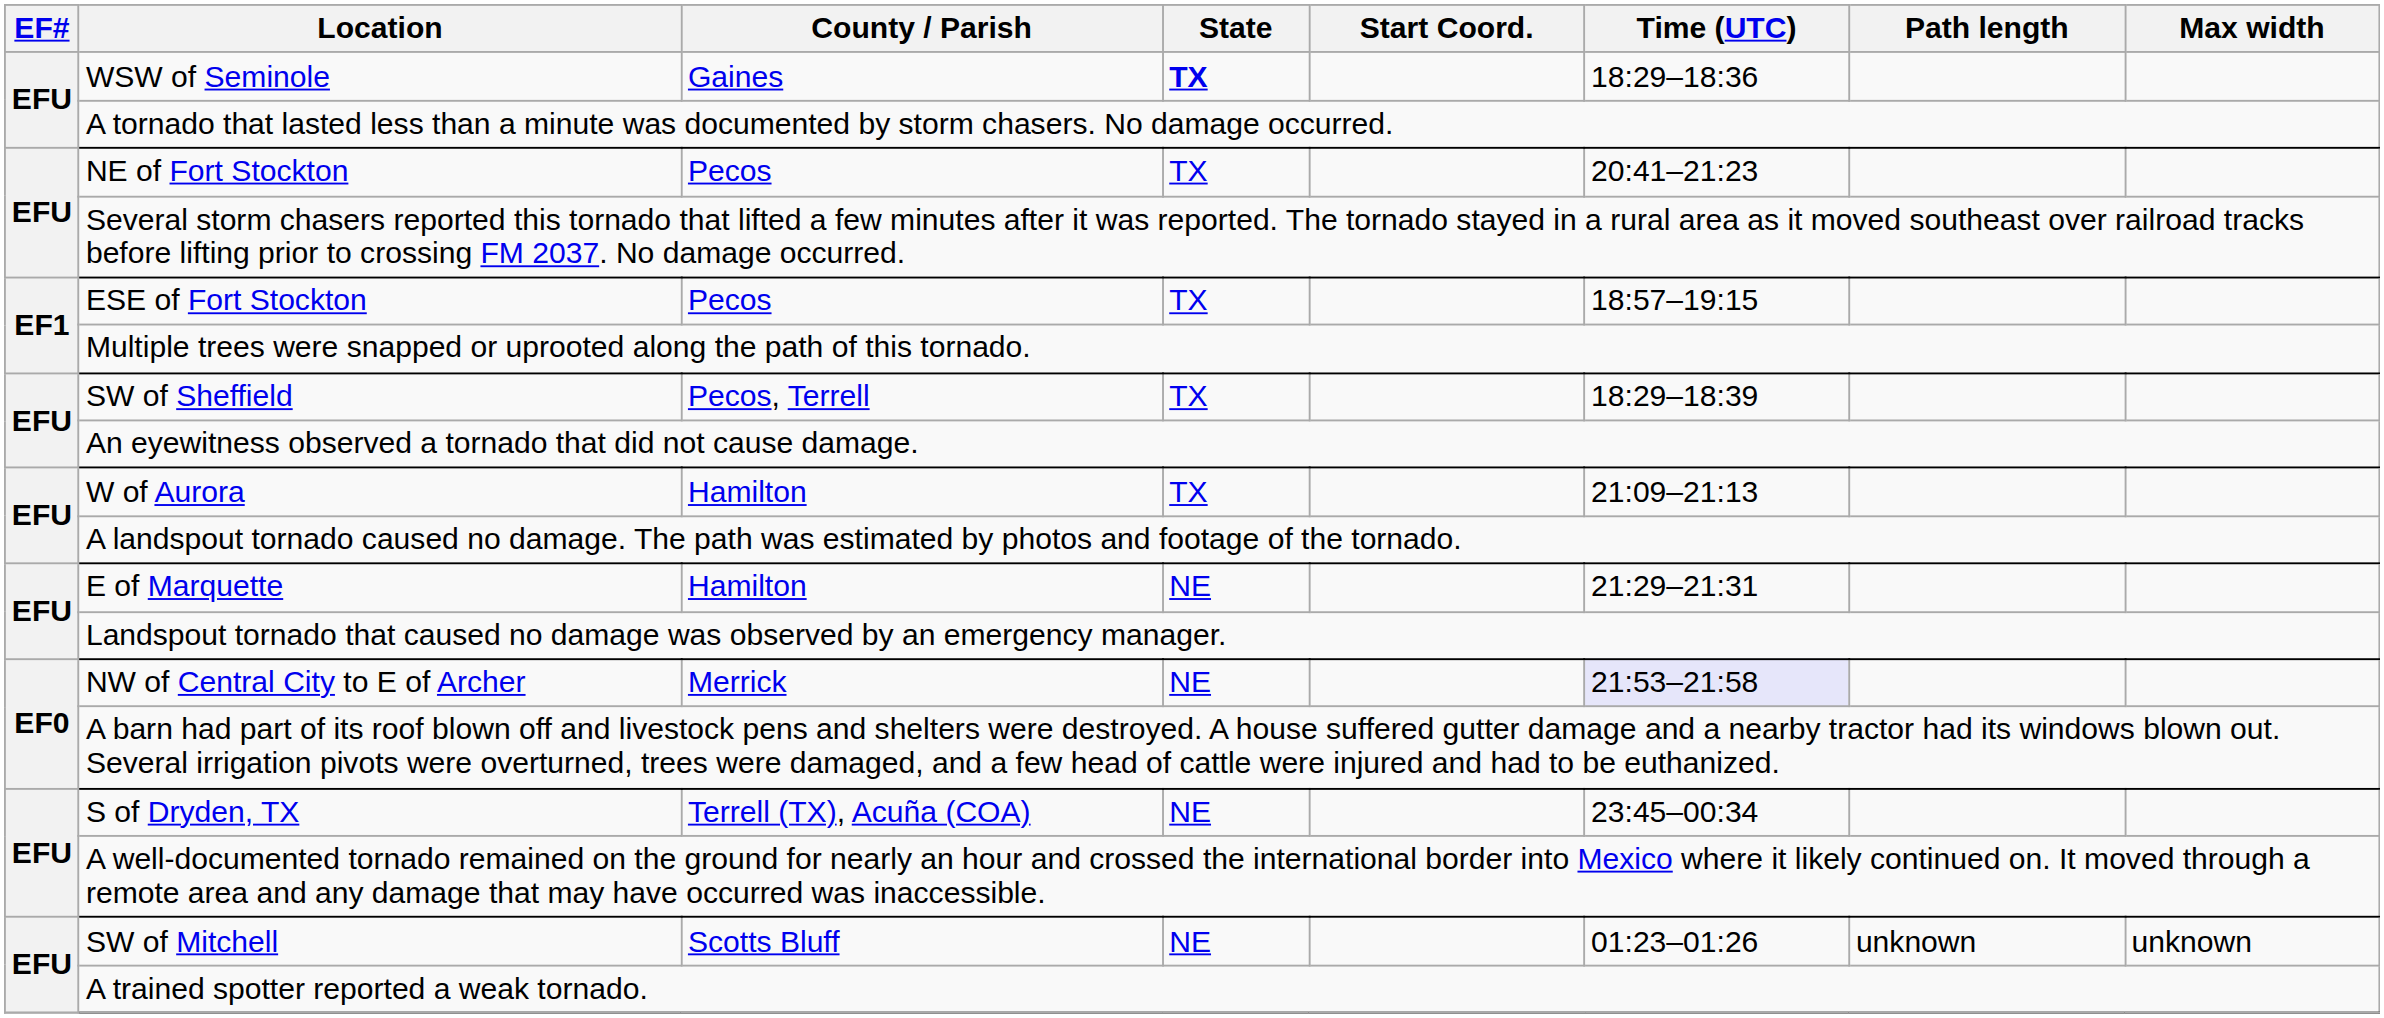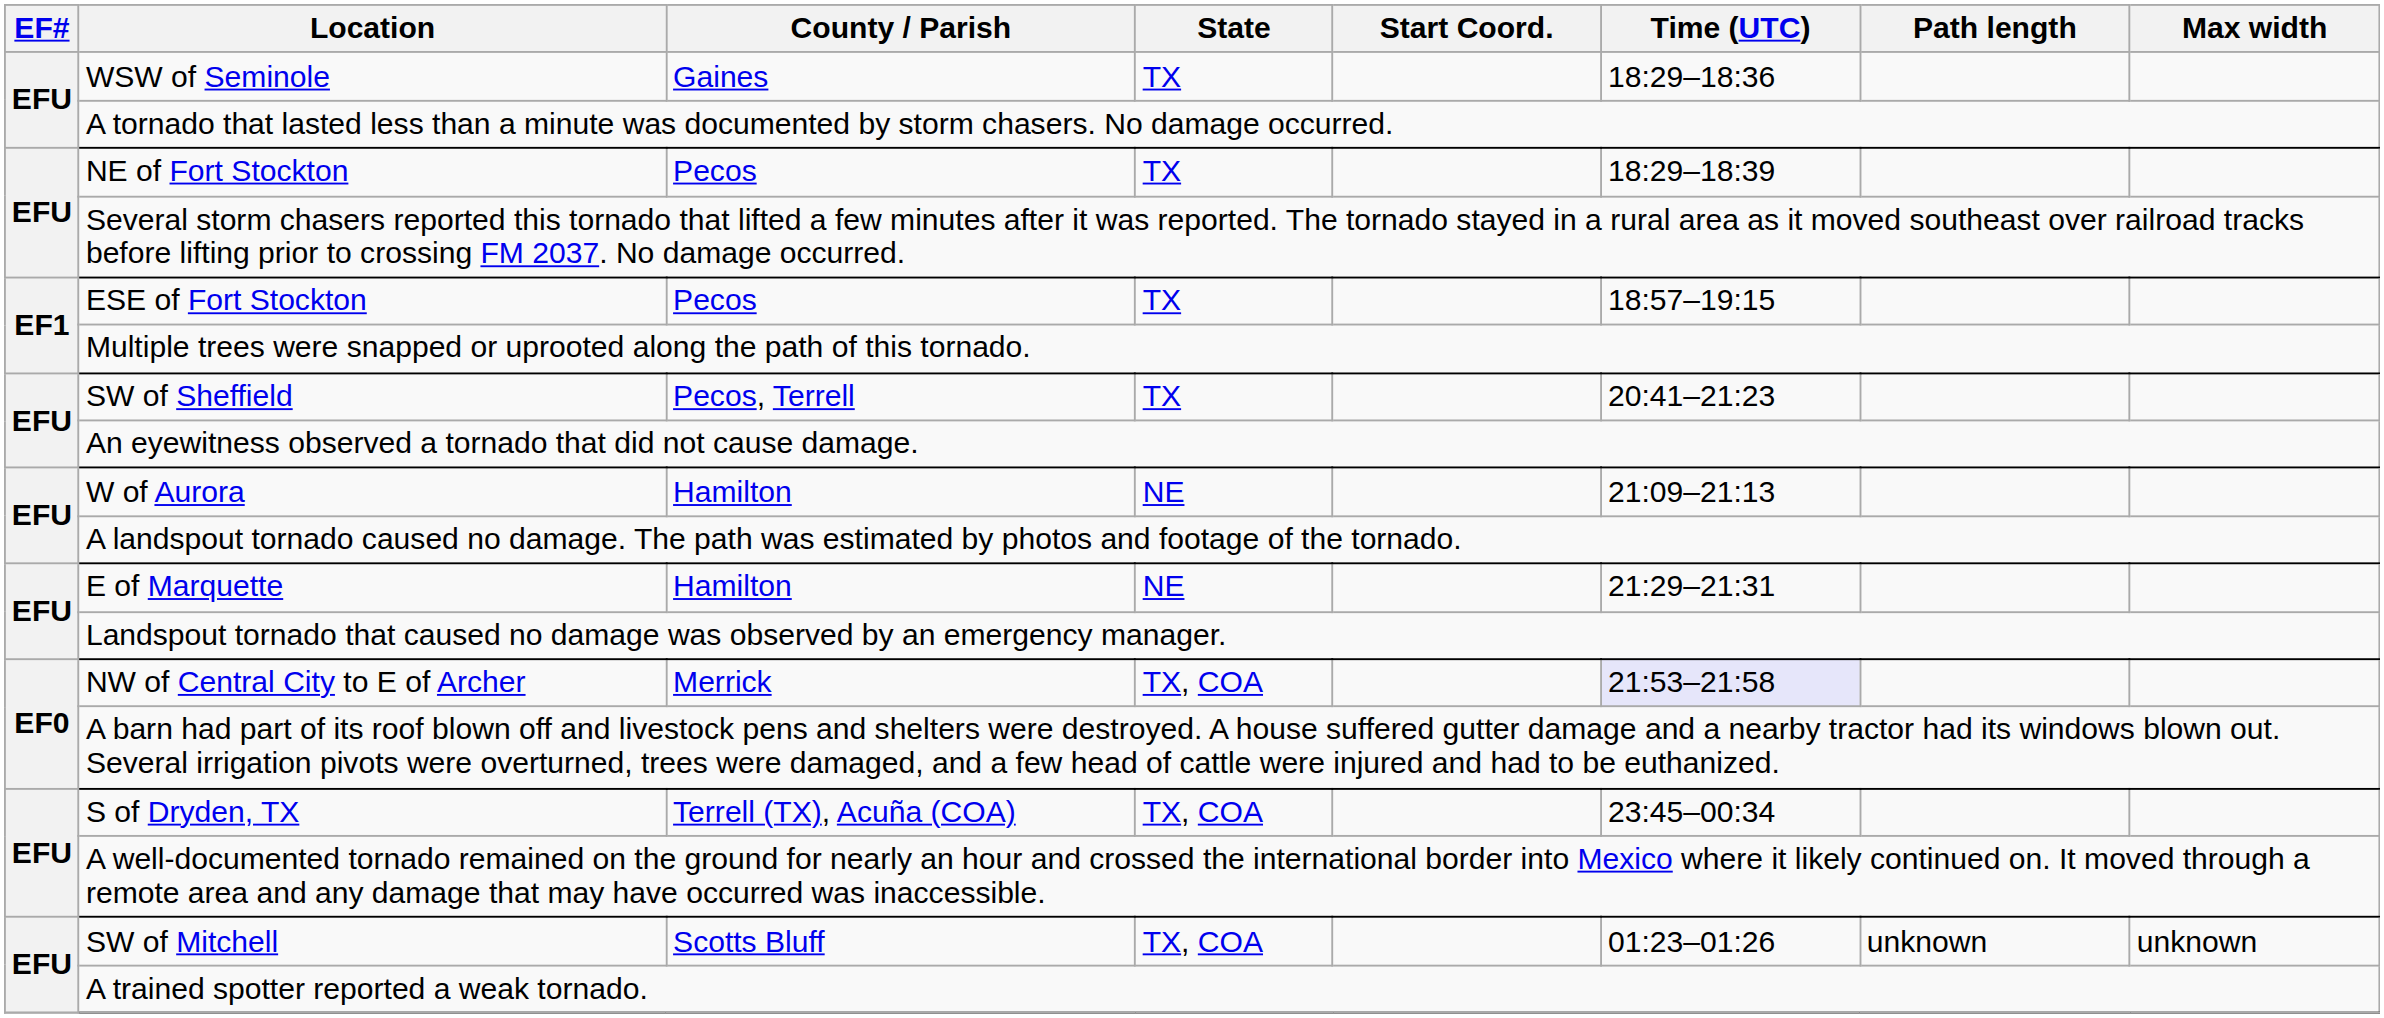 <table class="wikitable sortable" style="width:100%;">
 <tr>
 <th scope="col" width="2%" align="center"><a href='#'>EF#</a></th>
 <th scope="col" align="center" class="unsortable">Location</th>
 <th scope="col" align="center" class="unsortable">County / Parish</th>
 <th scope="col" align="center">State</th>
 <th scope="col" align="center">Start Coord.</th>
 <th scope="col" align="center">Time (<a href='#'>UTC</a>)</th>
 <th scope="col" align="center">Path length</th>
 <th scope="col" align="center">Max width</th>
 </tr>
 <tr>
 <th scope="row" rowspan="2" style="background-color:#">EFU</th>
 <td>WSW of <a href='#'>Seminole</a></td>
 <td><a href='#'>Gaines</a></td>
-<td><strong><a href='#'>TX</a></strong></td>
+<td><a href='#'>TX</a></td>
 <td></td>
 <td>18:29–18:36</td>
 <td></td>
 <td></td>
 </tr>
 <tr class="expand-child">
 <td colspan="8" style=" border-bottom: 1px solid black;">A tornado that lasted less than a minute was documented by storm chasers. No damage occurred.</td>
 </tr>
 <tr>
 <th scope="row" rowspan="2" style="background-color:#">EFU</th>
 <td>NE of <a href='#'>Fort Stockton</a></td>
 <td><a href='#'>Pecos</a></td>
 <td><a href='#'>TX</a></td>
 <td></td>
-<td>20:41–21:23</td>
+<td>18:29–18:39</td>
 <td></td>
 <td></td>
 </tr>
 <tr class="expand-child">
 <td colspan="8" style=" border-bottom: 1px solid black;">Several storm chasers reported this tornado that lifted a few minutes after it was reported. The tornado stayed in a rural area as it moved southeast over railroad tracks before lifting prior to crossing <a href='#'>FM 2037</a>. No damage occurred.</td>
 </tr>
 <tr>
 <th scope="row" rowspan="2" style="background-color:#">EF1</th>
 <td>ESE of <a href='#'>Fort Stockton</a></td>
 <td><a href='#'>Pecos</a></td>
 <td><a href='#'>TX</a></td>
 <td></td>
 <td>18:57–19:15</td>
 <td></td>
 <td></td>
 </tr>
 <tr class="expand-child">
 <td colspan="8" style=" border-bottom: 1px solid black;">Multiple trees were snapped or uprooted along the path of this tornado.</td>
 </tr>
 <tr>
 <th scope="row" rowspan="2" style="background-color:#">EFU</th>
 <td>SW of <a href='#'>Sheffield</a></td>
 <td><a href='#'>Pecos</a>, <a href='#'>Terrell</a></td>
 <td><a href='#'>TX</a></td>
 <td></td>
-<td>18:29–18:39</td>
+<td>20:41–21:23</td>
 <td></td>
 <td></td>
 </tr>
 <tr class="expand-child">
 <td colspan="8" style=" border-bottom: 1px solid black;">An eyewitness observed a tornado that did not cause damage.</td>
 </tr>
 <tr>
 <th scope="row" rowspan="2" style="background-color:#">EFU</th>
 <td>W of <a href='#'>Aurora</a></td>
 <td><a href='#'>Hamilton</a></td>
-<td><a href='#'>TX</a></td>
+<td><a href='#'>NE</a></td>
 <td></td>
 <td>21:09–21:13</td>
 <td></td>
 <td></td>
 </tr>
 <tr class="expand-child">
 <td colspan="8" style=" border-bottom: 1px solid black;">A landspout tornado caused no damage. The path was estimated by photos and footage of the tornado.</td>
 </tr>
 <tr>
 <th scope="row" rowspan="2" style="background-color:#">EFU</th>
 <td>E of <a href='#'>Marquette</a></td>
 <td><a href='#'>Hamilton</a></td>
 <td><a href='#'>NE</a></td>
 <td></td>
 <td>21:29–21:31</td>
 <td></td>
 <td></td>
 </tr>
 <tr class="expand-child">
 <td colspan="8" style=" border-bottom: 1px solid black;">Landspout tornado that caused no damage was observed by an emergency manager.</td>
 </tr>
 <tr>
 <th scope="row" rowspan="2" style="background-color:#">EF0</th>
 <td>NW of <a href='#'>Central City</a> to E of <a href='#'>Archer</a></td>
 <td><a href='#'>Merrick</a></td>
-<td><a href='#'>NE</a></td>
+<td><a href='#'>TX</a>, <a href='#'>COA</a></td>
 <td></td>
 <td style="background: lavender;">21:53–21:58</td>
 <td></td>
 <td></td>
 </tr>
 <tr class="expand-child">
 <td colspan="8" style=" border-bottom: 1px solid black;">A barn had part of its roof blown off and livestock pens and shelters were destroyed. A house suffered gutter damage and a nearby tractor had its windows blown out. Several irrigation pivots were overturned, trees were damaged, and a few head of cattle were injured and had to be euthanized.</td>
 </tr>
 <tr>
 <th scope="row" rowspan="2" style="background-color:#">EFU</th>
 <td>S of <a href='#'>Dryden, TX</a></td>
 <td><a href='#'>Terrell (TX)</a>, <a href='#'>Acuña (COA)</a></td>
-<td><a href='#'>NE</a></td>
+<td><a href='#'>TX</a>, <a href='#'>COA</a></td>
 <td></td>
 <td>23:45–00:34</td>
 <td></td>
 <td></td>
 </tr>
 <tr class="expand-child">
 <td colspan="8" style=" border-bottom: 1px solid black;">A well-documented tornado remained on the ground for nearly an hour and crossed the international border into <a href='#'>Mexico</a> where it likely continued on. It moved through a remote area and any damage that may have occurred was inaccessible.</td>
 </tr>
 <tr>
 <th scope="row" rowspan="2" style="background-color:#">EFU</th>
 <td>SW of <a href='#'>Mitchell</a></td>
 <td><a href='#'>Scotts Bluff</a></td>
-<td><a href='#'>NE</a></td>
+<td><a href='#'>TX</a>, <a href='#'>COA</a></td>
 <td></td>
 <td>01:23–01:26</td>
 <td>unknown</td>
 <td>unknown</td>
 </tr>
 <tr class="expand-child">
 <td colspan="8" style=" border-bottom: 1px solid black;">A trained spotter reported a weak tornado.</td>
 </tr>
 <tr>
 </tr>
 </table>
